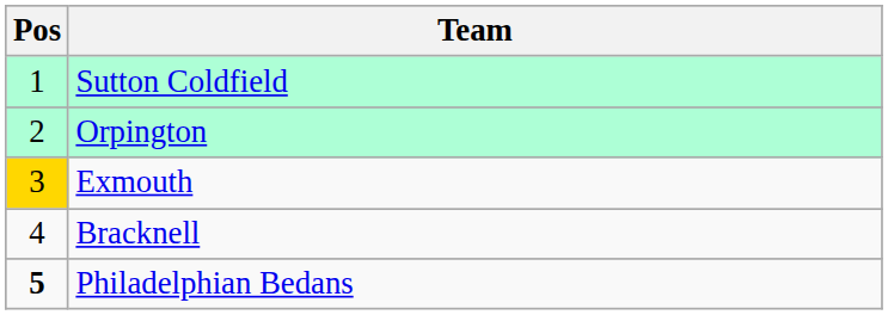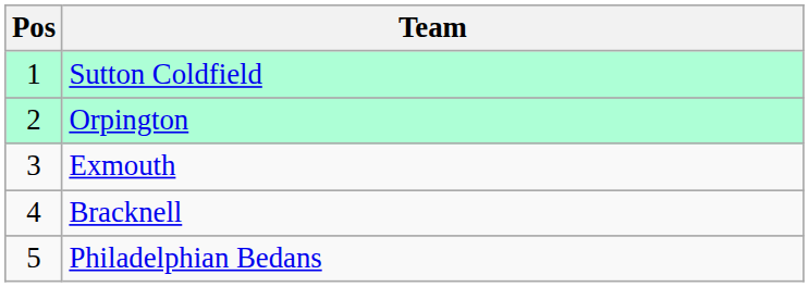 <table class="wikitable" style="font-size: 100%">
 <tr>
 <th width=20>Pos</th>
 <th width=400>Team</th>
 </tr>
 <tr align=center style="background: #ADFFD6;">
 <td>1</td>
 <td align="left"><a href='#'>Sutton Coldfield</a></td>
 </tr>
 <tr align=center style="background: #ADFFD6;">
 <td>2</td>
 <td align="left"><a href='#'>Orpington</a></td>
 </tr>
 <tr align=center>
-<td style="background: gold;">3</td>
+<td>3</td>
 <td align="left"><a href='#'>Exmouth</a></td>
 </tr>
 <tr align=center>
 <td>4</td>
 <td align="left"><a href='#'>Bracknell</a></td>
 </tr>
 <tr align=center>
-<td><strong>5</strong></td>
+<td>5</td>
 <td align="left"><a href='#'>Philadelphian Bedans</a></td>
 </tr>
 </table>
